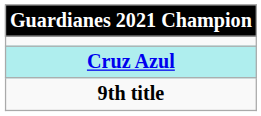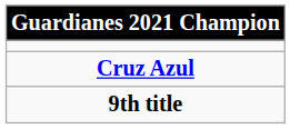 <table class="wikitable" style="text-align: center; margin: 0 auto;">
 <tr>
 <th style="color:#FFFFFF; background-color:#000000;">Guardianes 2021 Champion</th>
 </tr>
 <tr>
 <td></td>
 </tr>
 <tr>
-<td style="background: paleturquoise;"><strong><a href='#'>Cruz Azul</a></strong></td>
+<td><strong><a href='#'>Cruz Azul</a></strong></td>
 </tr>
 <tr>
 <td><strong>9th title</strong></td>
 </tr>
 </table>
